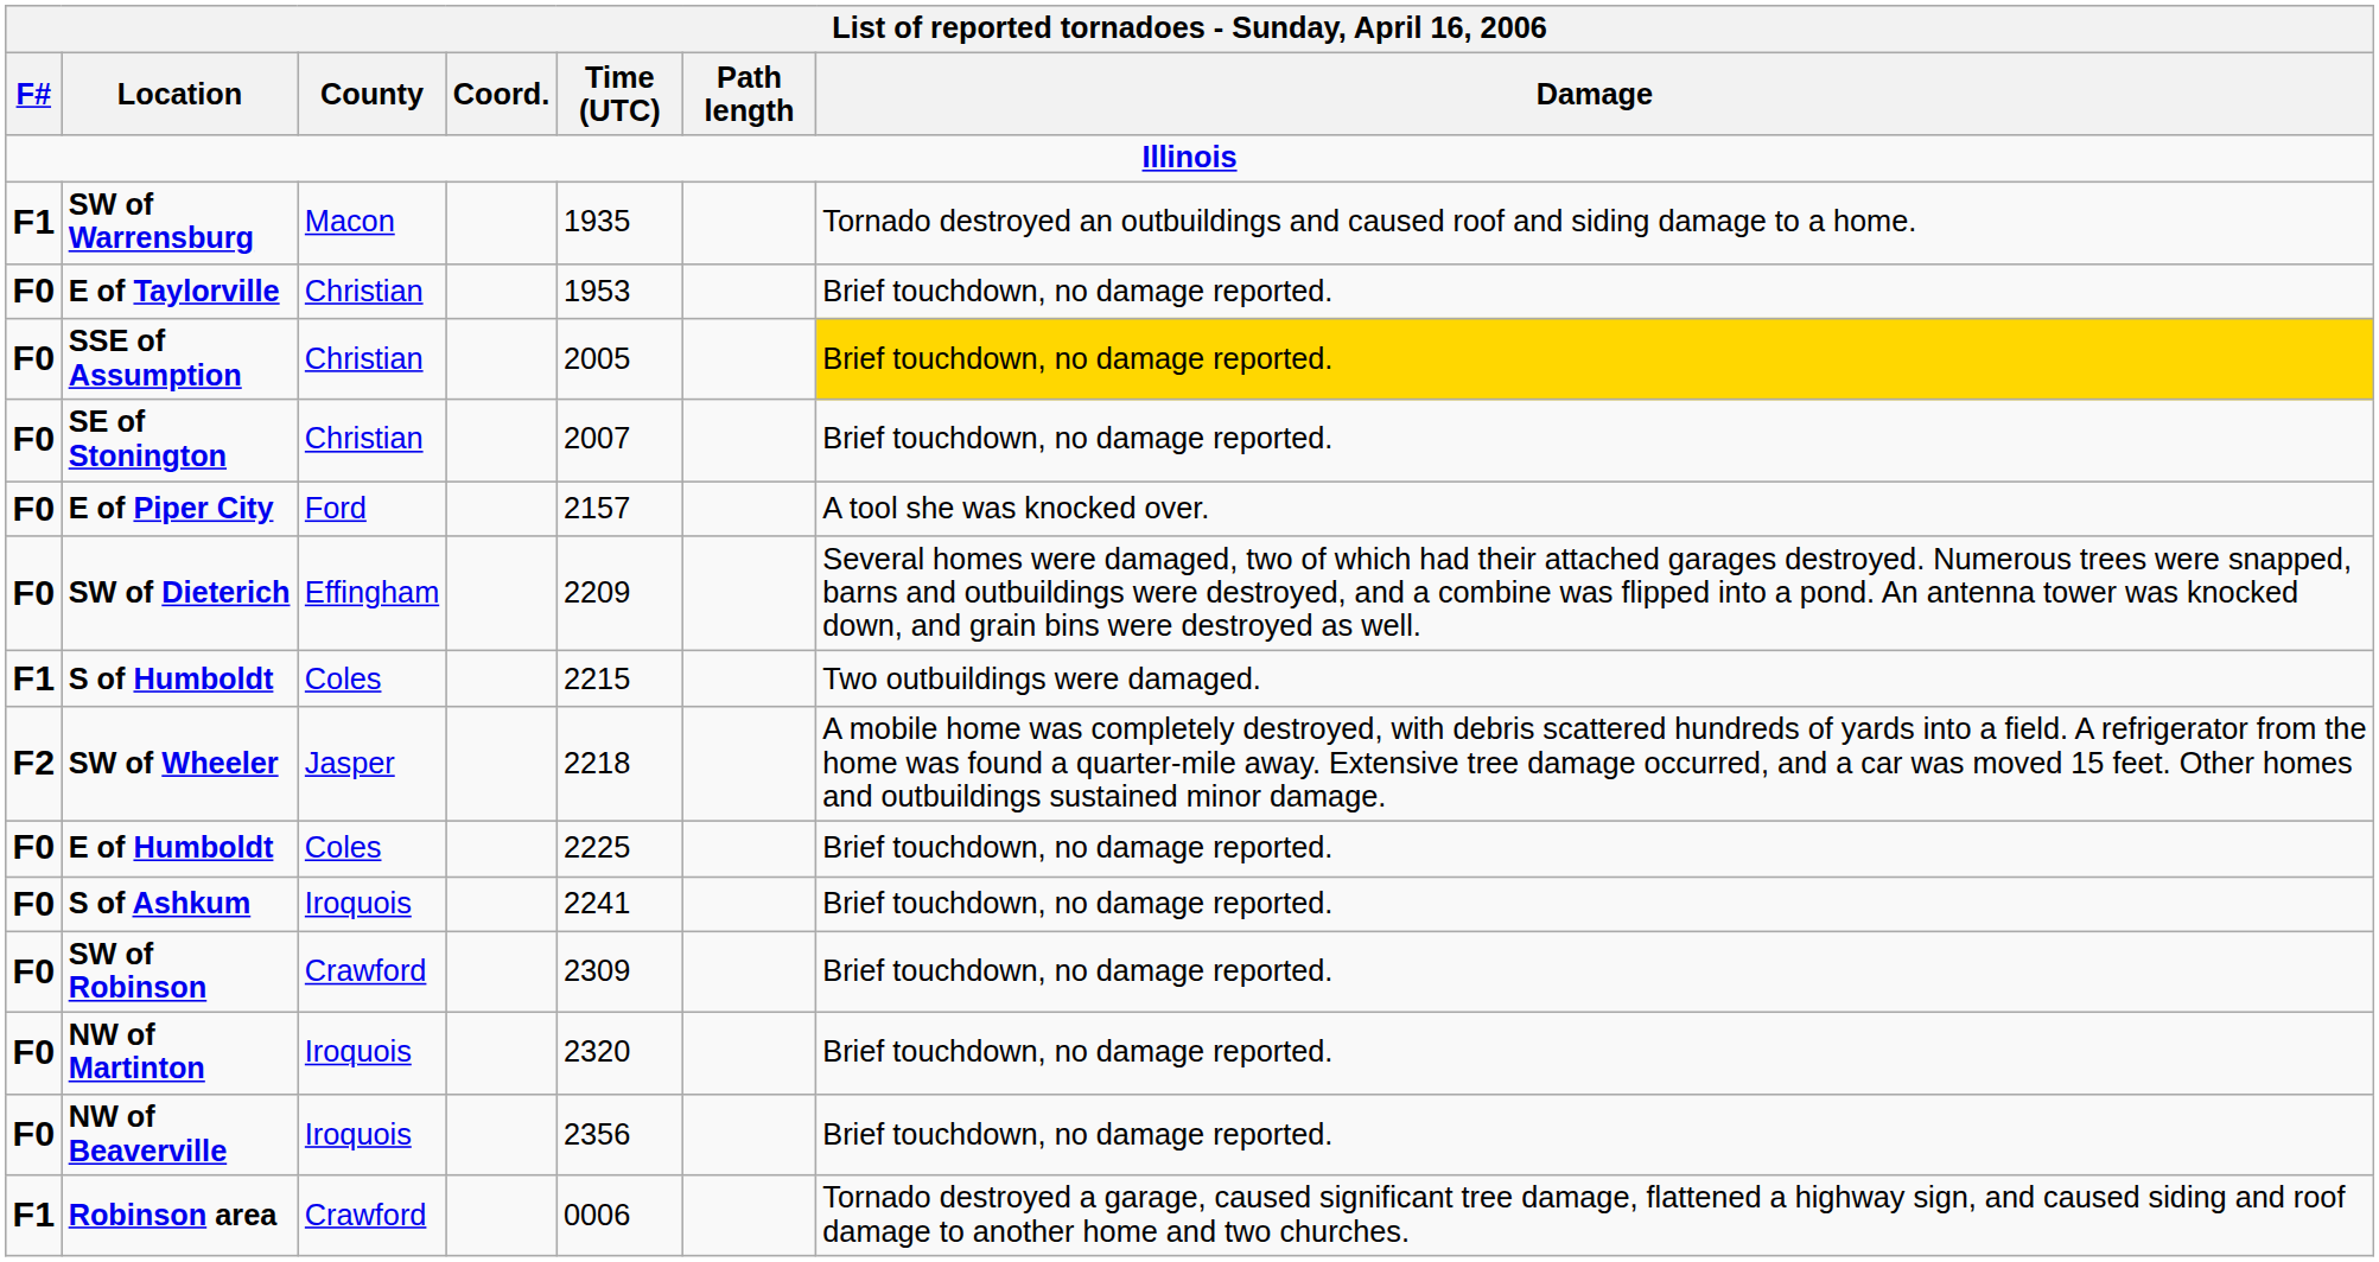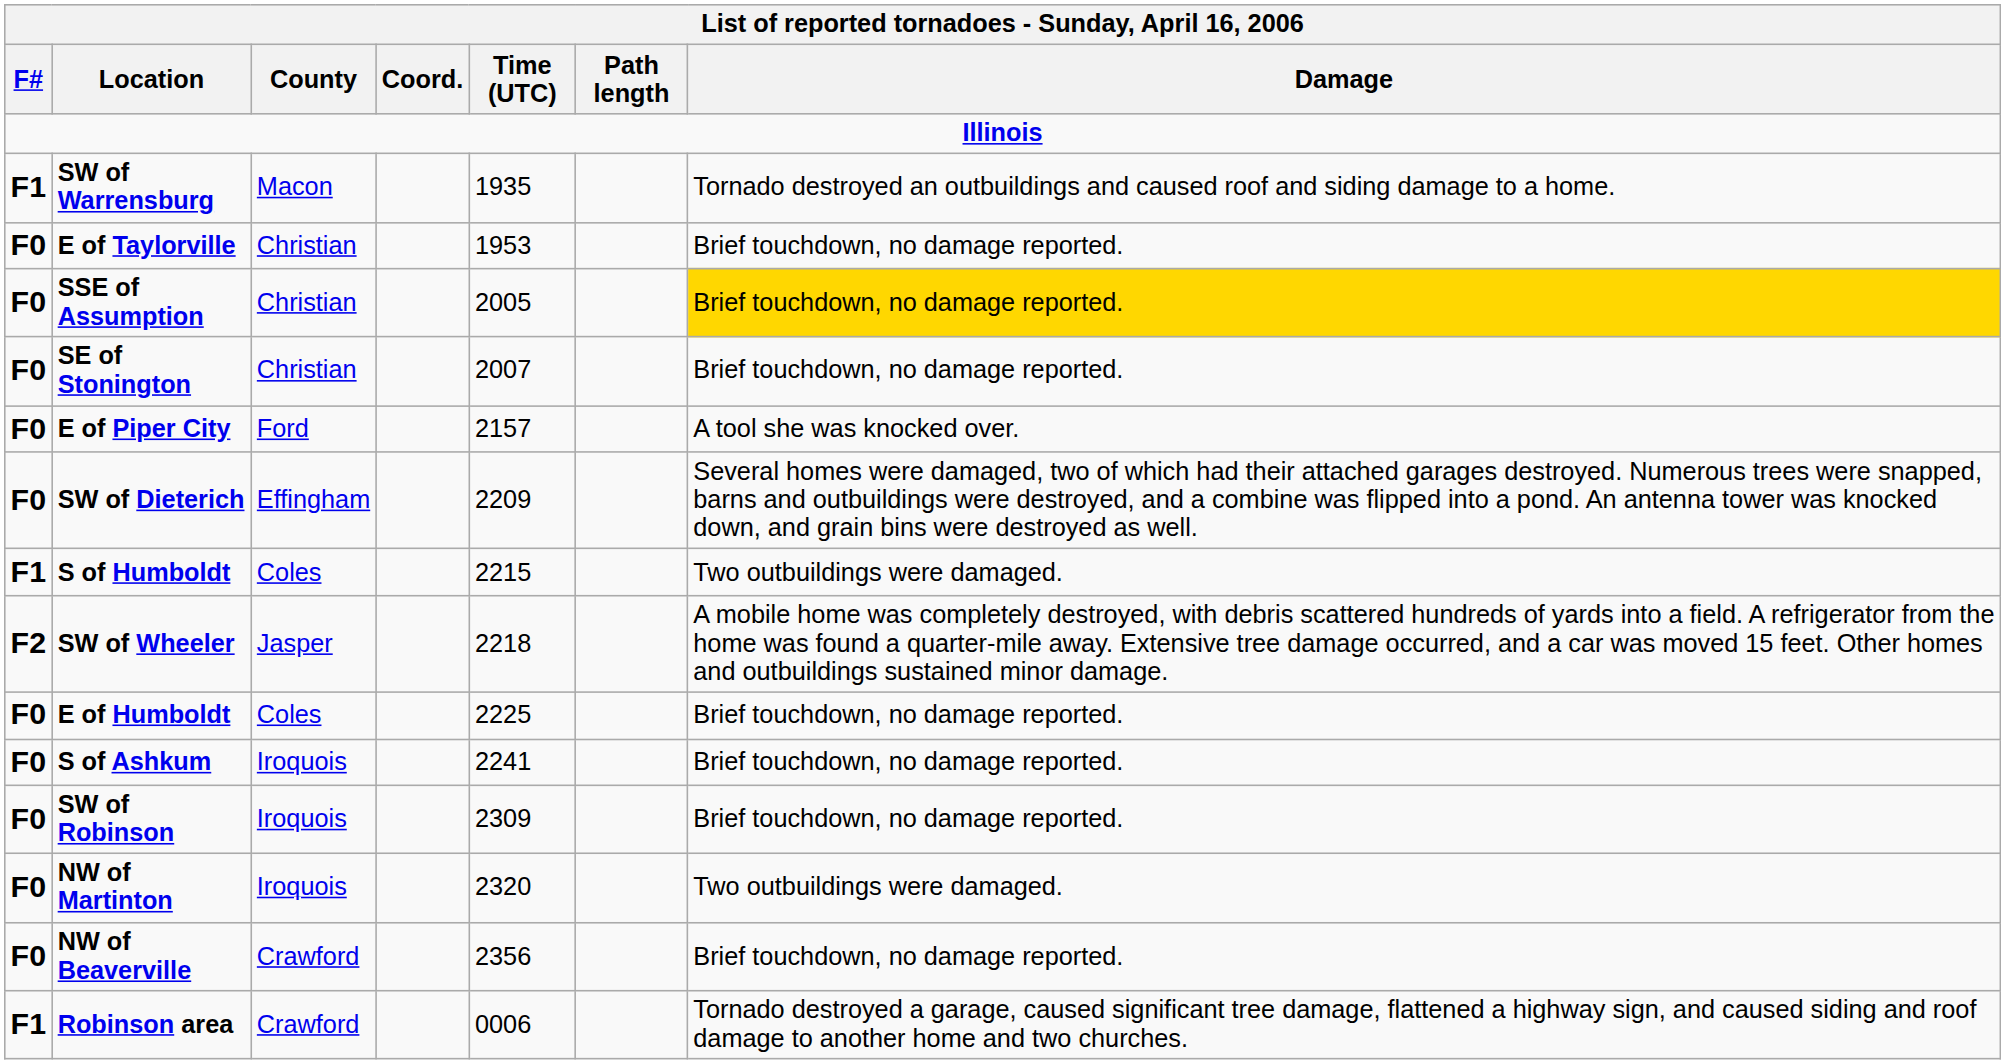 <table class="wikitable collapsible" width="100%">
 <tr>
 <th colspan="7">List of reported tornadoes - Sunday, April 16, 2006</th>
 </tr>
 <tr>
 <th><a href='#'>F#</a></th>
 <th>Location</th>
 <th>County</th>
 <th>Coord.</th>
 <th>Time (UTC)</th>
 <th>Path length</th>
 <th>Damage</th>
 </tr>
 <tr>
 <td colspan="7" align=center><strong><a href='#'>Illinois</a></strong></td>
 </tr>
 <tr>
 <td><big><strong>F1</strong></big></td>
 <td><strong>SW of <a href='#'>Warrensburg</a></strong></td>
 <td><a href='#'>Macon</a></td>
 <td></td>
 <td>1935</td>
 <td></td>
 <td>Tornado destroyed an outbuildings and caused roof and siding damage to a home.</td>
 </tr>
 <tr>
 <td><big><strong>F0</strong></big></td>
 <td><strong>E of <a href='#'>Taylorville</a></strong></td>
 <td><a href='#'>Christian</a></td>
 <td></td>
 <td>1953</td>
 <td></td>
 <td>Brief touchdown, no damage reported.</td>
 </tr>
 <tr>
 <td><big><strong>F0</strong></big></td>
 <td><strong>SSE of <a href='#'>Assumption</a></strong></td>
 <td><a href='#'>Christian</a></td>
 <td></td>
 <td>2005</td>
 <td></td>
 <td style="background: gold;">Brief touchdown, no damage reported.</td>
 </tr>
 <tr>
 <td><big><strong>F0</strong></big></td>
 <td><strong>SE of <a href='#'>Stonington</a></strong></td>
 <td><a href='#'>Christian</a></td>
 <td></td>
 <td>2007</td>
 <td></td>
 <td>Brief touchdown, no damage reported.</td>
 </tr>
 <tr>
 <td><big><strong>F0</strong></big></td>
 <td><strong>E of <a href='#'>Piper City</a></strong></td>
 <td><a href='#'>Ford</a></td>
 <td></td>
 <td>2157</td>
 <td></td>
 <td>A tool she was knocked over.</td>
 </tr>
 <tr>
 <td><big><strong>F0</strong></big></td>
 <td><strong>SW of <a href='#'>Dieterich</a></strong></td>
 <td><a href='#'>Effingham</a></td>
 <td></td>
 <td>2209</td>
 <td></td>
 <td>Several homes were damaged, two of which had their attached garages destroyed. Numerous trees were snapped, barns and outbuildings were destroyed, and a combine was flipped into a pond. An antenna tower was knocked down, and grain bins were destroyed as well.</td>
 </tr>
 <tr>
 <td><big><strong>F1</strong></big></td>
 <td><strong>S of <a href='#'>Humboldt</a></strong></td>
 <td><a href='#'>Coles</a></td>
 <td></td>
 <td>2215</td>
 <td></td>
 <td>Two outbuildings were damaged.</td>
 </tr>
 <tr>
 <td><big><strong>F2</strong></big></td>
 <td><strong>SW of <a href='#'>Wheeler</a></strong></td>
 <td><a href='#'>Jasper</a></td>
 <td></td>
 <td>2218</td>
 <td></td>
 <td>A mobile home was completely destroyed, with debris scattered hundreds of yards into a field. A refrigerator from the home was found a quarter-mile away. Extensive tree damage occurred, and a car was moved 15 feet. Other homes and outbuildings sustained minor damage.</td>
 </tr>
 <tr>
 <td><big><strong>F0</strong></big></td>
 <td><strong>E of <a href='#'>Humboldt</a></strong></td>
 <td><a href='#'>Coles</a></td>
 <td></td>
 <td>2225</td>
 <td></td>
 <td>Brief touchdown, no damage reported.</td>
 </tr>
 <tr>
 <td><big><strong>F0</strong></big></td>
 <td><strong>S of <a href='#'>Ashkum</a></strong></td>
 <td><a href='#'>Iroquois</a></td>
 <td></td>
 <td>2241</td>
 <td></td>
 <td>Brief touchdown, no damage reported.</td>
 </tr>
 <tr>
 <td><big><strong>F0</strong></big></td>
 <td><strong>SW of <a href='#'>Robinson</a></strong></td>
-<td><a href='#'>Crawford</a></td>
+<td><a href='#'>Iroquois</a></td>
 <td></td>
 <td>2309</td>
 <td></td>
 <td>Brief touchdown, no damage reported.</td>
 </tr>
 <tr>
 <td><big><strong>F0</strong></big></td>
 <td><strong>NW of <a href='#'>Martinton</a></strong></td>
 <td><a href='#'>Iroquois</a></td>
 <td></td>
 <td>2320</td>
 <td></td>
-<td>Brief touchdown, no damage reported.</td>
+<td>Two outbuildings were damaged.</td>
 </tr>
 <tr>
 <td><big><strong>F0</strong></big></td>
 <td><strong>NW of <a href='#'>Beaverville</a></strong></td>
-<td><a href='#'>Iroquois</a></td>
+<td><a href='#'>Crawford</a></td>
 <td></td>
 <td>2356</td>
 <td></td>
 <td>Brief touchdown, no damage reported.</td>
 </tr>
 <tr>
 <td><big><strong>F1</strong></big></td>
 <td><strong><a href='#'>Robinson</a> area</strong></td>
 <td><a href='#'>Crawford</a></td>
 <td></td>
 <td>0006</td>
 <td></td>
 <td>Tornado destroyed a garage, caused significant tree damage, flattened a highway sign, and caused siding and roof damage to another home and two churches.</td>
 </tr>
 </table>
